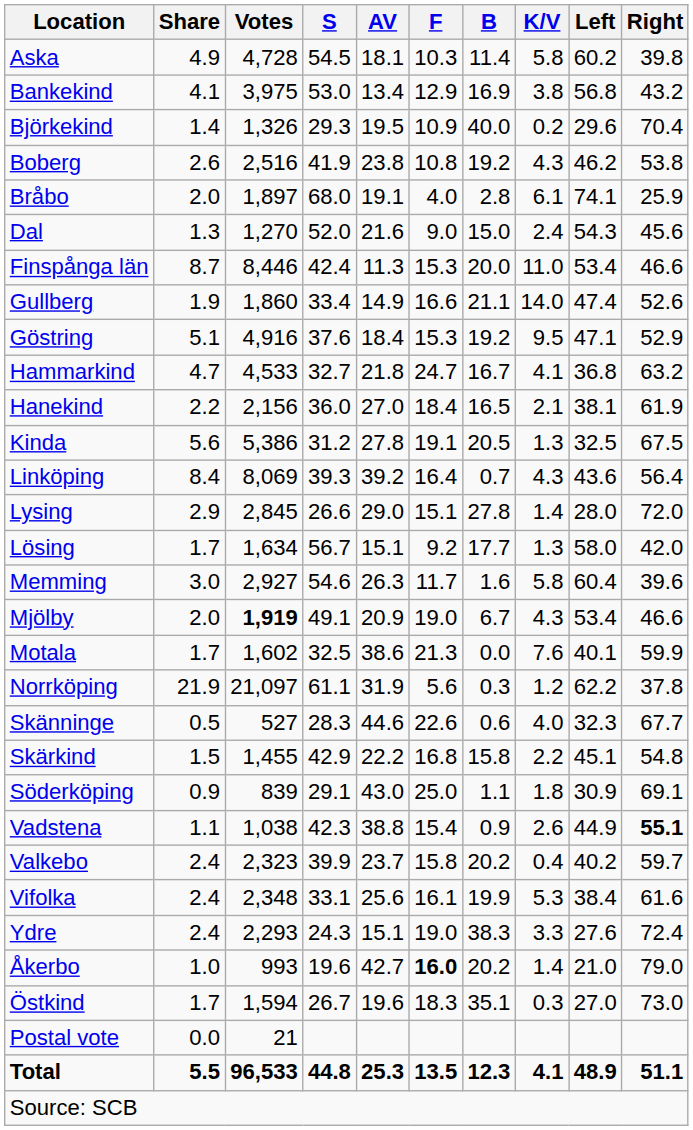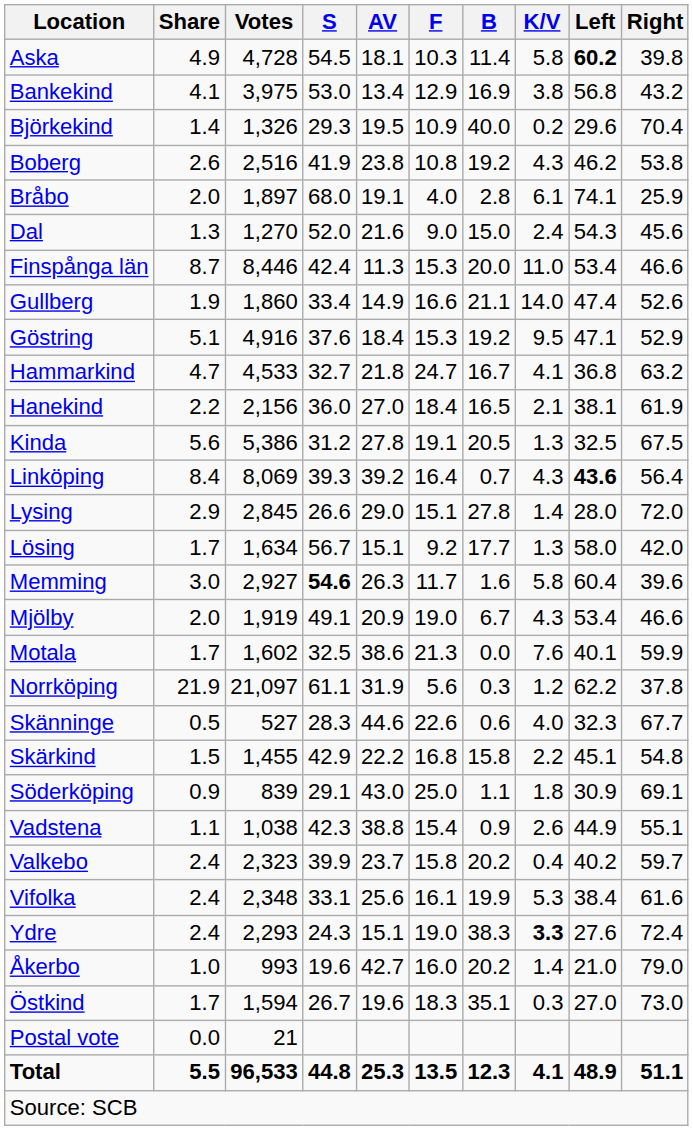 <table class="wikitable sortable" style=text-align:right>
 <tr>
 <th>Location</th>
 <th>Share</th>
 <th>Votes</th>
 <th><a href='#'>S</a></th>
 <th><a href='#'>AV</a></th>
 <th><a href='#'>F</a></th>
 <th><a href='#'>B</a></th>
 <th><a href='#'>K/V</a></th>
 <th>Left</th>
 <th>Right</th>
 </tr>
 <tr>
 <td align=left><a href='#'>Aska</a></td>
 <td>4.9</td>
 <td>4,728</td>
 <td>54.5</td>
 <td>18.1</td>
 <td>10.3</td>
 <td>11.4</td>
 <td>5.8</td>
-<td>60.2</td>
+<td><strong>60.2</strong></td>
 <td>39.8</td>
 </tr>
 <tr>
 <td align=left><a href='#'>Bankekind</a></td>
 <td>4.1</td>
 <td>3,975</td>
 <td>53.0</td>
 <td>13.4</td>
 <td>12.9</td>
 <td>16.9</td>
 <td>3.8</td>
 <td>56.8</td>
 <td>43.2</td>
 </tr>
 <tr>
 <td align=left><a href='#'>Björkekind</a></td>
 <td>1.4</td>
 <td>1,326</td>
 <td>29.3</td>
 <td>19.5</td>
 <td>10.9</td>
 <td>40.0</td>
 <td>0.2</td>
 <td>29.6</td>
 <td>70.4</td>
 </tr>
 <tr>
 <td align=left><a href='#'>Boberg</a></td>
 <td>2.6</td>
 <td>2,516</td>
 <td>41.9</td>
 <td>23.8</td>
 <td>10.8</td>
 <td>19.2</td>
 <td>4.3</td>
 <td>46.2</td>
 <td>53.8</td>
 </tr>
 <tr>
 <td align=left><a href='#'>Bråbo</a></td>
 <td>2.0</td>
 <td>1,897</td>
 <td>68.0</td>
 <td>19.1</td>
 <td>4.0</td>
 <td>2.8</td>
 <td>6.1</td>
 <td>74.1</td>
 <td>25.9</td>
 </tr>
 <tr>
 <td align=left><a href='#'>Dal</a></td>
 <td>1.3</td>
 <td>1,270</td>
 <td>52.0</td>
 <td>21.6</td>
 <td>9.0</td>
 <td>15.0</td>
 <td>2.4</td>
 <td>54.3</td>
 <td>45.6</td>
 </tr>
 <tr>
 <td align=left><a href='#'>Finspånga län</a></td>
 <td>8.7</td>
 <td>8,446</td>
 <td>42.4</td>
 <td>11.3</td>
 <td>15.3</td>
 <td>20.0</td>
 <td>11.0</td>
 <td>53.4</td>
 <td>46.6</td>
 </tr>
 <tr>
 <td align=left><a href='#'>Gullberg</a></td>
 <td>1.9</td>
 <td>1,860</td>
 <td>33.4</td>
 <td>14.9</td>
 <td>16.6</td>
 <td>21.1</td>
 <td>14.0</td>
 <td>47.4</td>
 <td>52.6</td>
 </tr>
 <tr>
 <td align=left><a href='#'>Göstring</a></td>
 <td>5.1</td>
 <td>4,916</td>
 <td>37.6</td>
 <td>18.4</td>
 <td>15.3</td>
 <td>19.2</td>
 <td>9.5</td>
 <td>47.1</td>
 <td>52.9</td>
 </tr>
 <tr>
 <td align=left><a href='#'>Hammarkind</a></td>
 <td>4.7</td>
 <td>4,533</td>
 <td>32.7</td>
 <td>21.8</td>
 <td>24.7</td>
 <td>16.7</td>
 <td>4.1</td>
 <td>36.8</td>
 <td>63.2</td>
 </tr>
 <tr>
 <td align=left><a href='#'>Hanekind</a></td>
 <td>2.2</td>
 <td>2,156</td>
 <td>36.0</td>
 <td>27.0</td>
 <td>18.4</td>
 <td>16.5</td>
 <td>2.1</td>
 <td>38.1</td>
 <td>61.9</td>
 </tr>
 <tr>
 <td align=left><a href='#'>Kinda</a></td>
 <td>5.6</td>
 <td>5,386</td>
 <td>31.2</td>
 <td>27.8</td>
 <td>19.1</td>
 <td>20.5</td>
 <td>1.3</td>
 <td>32.5</td>
 <td>67.5</td>
 </tr>
 <tr>
 <td align=left><a href='#'>Linköping</a></td>
 <td>8.4</td>
 <td>8,069</td>
 <td>39.3</td>
 <td>39.2</td>
 <td>16.4</td>
 <td>0.7</td>
 <td>4.3</td>
-<td>43.6</td>
+<td><strong>43.6</strong></td>
 <td>56.4</td>
 </tr>
 <tr>
 <td align=left><a href='#'>Lysing</a></td>
 <td>2.9</td>
 <td>2,845</td>
 <td>26.6</td>
 <td>29.0</td>
 <td>15.1</td>
 <td>27.8</td>
 <td>1.4</td>
 <td>28.0</td>
 <td>72.0</td>
 </tr>
 <tr>
 <td align=left><a href='#'>Lösing</a></td>
 <td>1.7</td>
 <td>1,634</td>
 <td>56.7</td>
 <td>15.1</td>
 <td>9.2</td>
 <td>17.7</td>
 <td>1.3</td>
 <td>58.0</td>
 <td>42.0</td>
 </tr>
 <tr>
 <td align=left><a href='#'>Memming</a></td>
 <td>3.0</td>
 <td>2,927</td>
-<td>54.6</td>
+<td><strong>54.6</strong></td>
 <td>26.3</td>
 <td>11.7</td>
 <td>1.6</td>
 <td>5.8</td>
 <td>60.4</td>
 <td>39.6</td>
 </tr>
 <tr>
 <td align=left><a href='#'>Mjölby</a></td>
 <td>2.0</td>
-<td><strong>1,919</strong></td>
+<td>1,919</td>
 <td>49.1</td>
 <td>20.9</td>
 <td>19.0</td>
 <td>6.7</td>
 <td>4.3</td>
 <td>53.4</td>
 <td>46.6</td>
 </tr>
 <tr>
 <td align=left><a href='#'>Motala</a></td>
 <td>1.7</td>
 <td>1,602</td>
 <td>32.5</td>
 <td>38.6</td>
 <td>21.3</td>
 <td>0.0</td>
 <td>7.6</td>
 <td>40.1</td>
 <td>59.9</td>
 </tr>
 <tr>
 <td align=left><a href='#'>Norrköping</a></td>
 <td>21.9</td>
 <td>21,097</td>
 <td>61.1</td>
 <td>31.9</td>
 <td>5.6</td>
 <td>0.3</td>
 <td>1.2</td>
 <td>62.2</td>
 <td>37.8</td>
 </tr>
 <tr>
 <td align=left><a href='#'>Skänninge</a></td>
 <td>0.5</td>
 <td>527</td>
 <td>28.3</td>
 <td>44.6</td>
 <td>22.6</td>
 <td>0.6</td>
 <td>4.0</td>
 <td>32.3</td>
 <td>67.7</td>
 </tr>
 <tr>
 <td align=left><a href='#'>Skärkind</a></td>
 <td>1.5</td>
 <td>1,455</td>
 <td>42.9</td>
 <td>22.2</td>
 <td>16.8</td>
 <td>15.8</td>
 <td>2.2</td>
 <td>45.1</td>
 <td>54.8</td>
 </tr>
 <tr>
 <td align=left><a href='#'>Söderköping</a></td>
 <td>0.9</td>
 <td>839</td>
 <td>29.1</td>
 <td>43.0</td>
 <td>25.0</td>
 <td>1.1</td>
 <td>1.8</td>
 <td>30.9</td>
 <td>69.1</td>
 </tr>
 <tr>
 <td align=left><a href='#'>Vadstena</a></td>
 <td>1.1</td>
 <td>1,038</td>
 <td>42.3</td>
 <td>38.8</td>
 <td>15.4</td>
 <td>0.9</td>
 <td>2.6</td>
 <td>44.9</td>
-<td><strong>55.1</strong></td>
+<td>55.1</td>
 </tr>
 <tr>
 <td align=left><a href='#'>Valkebo</a></td>
 <td>2.4</td>
 <td>2,323</td>
 <td>39.9</td>
 <td>23.7</td>
 <td>15.8</td>
 <td>20.2</td>
 <td>0.4</td>
 <td>40.2</td>
 <td>59.7</td>
 </tr>
 <tr>
 <td align=left><a href='#'>Vifolka</a></td>
 <td>2.4</td>
 <td>2,348</td>
 <td>33.1</td>
 <td>25.6</td>
 <td>16.1</td>
 <td>19.9</td>
 <td>5.3</td>
 <td>38.4</td>
 <td>61.6</td>
 </tr>
 <tr>
 <td align=left><a href='#'>Ydre</a></td>
 <td>2.4</td>
 <td>2,293</td>
 <td>24.3</td>
 <td>15.1</td>
 <td>19.0</td>
 <td>38.3</td>
-<td>3.3</td>
+<td><strong>3.3</strong></td>
 <td>27.6</td>
 <td>72.4</td>
 </tr>
 <tr>
 <td align=left><a href='#'>Åkerbo</a></td>
 <td>1.0</td>
 <td>993</td>
 <td>19.6</td>
 <td>42.7</td>
-<td><strong>16.0</strong></td>
+<td>16.0</td>
 <td>20.2</td>
 <td>1.4</td>
 <td>21.0</td>
 <td>79.0</td>
 </tr>
 <tr>
 <td align=left><a href='#'>Östkind</a></td>
 <td>1.7</td>
 <td>1,594</td>
 <td>26.7</td>
 <td>19.6</td>
 <td>18.3</td>
 <td>35.1</td>
 <td>0.3</td>
 <td>27.0</td>
 <td>73.0</td>
 </tr>
 <tr>
 <td align=left><a href='#'>Postal vote</a></td>
 <td>0.0</td>
 <td>21</td>
 <td></td>
 <td></td>
 <td></td>
 <td></td>
 <td></td>
 <td></td>
 <td></td>
 </tr>
 <tr>
 <td align=left><strong>Total</strong></td>
 <td><strong>5.5</strong></td>
 <td><strong>96,533</strong></td>
 <td><strong>44.8</strong></td>
 <td><strong>25.3</strong></td>
 <td><strong>13.5</strong></td>
 <td><strong>12.3</strong></td>
 <td><strong>4.1</strong></td>
 <td><strong>48.9</strong></td>
 <td><strong>51.1</strong></td>
 </tr>
 <tr>
 <td align=left colspan=10>Source: SCB </td>
 </tr>
 </table>
